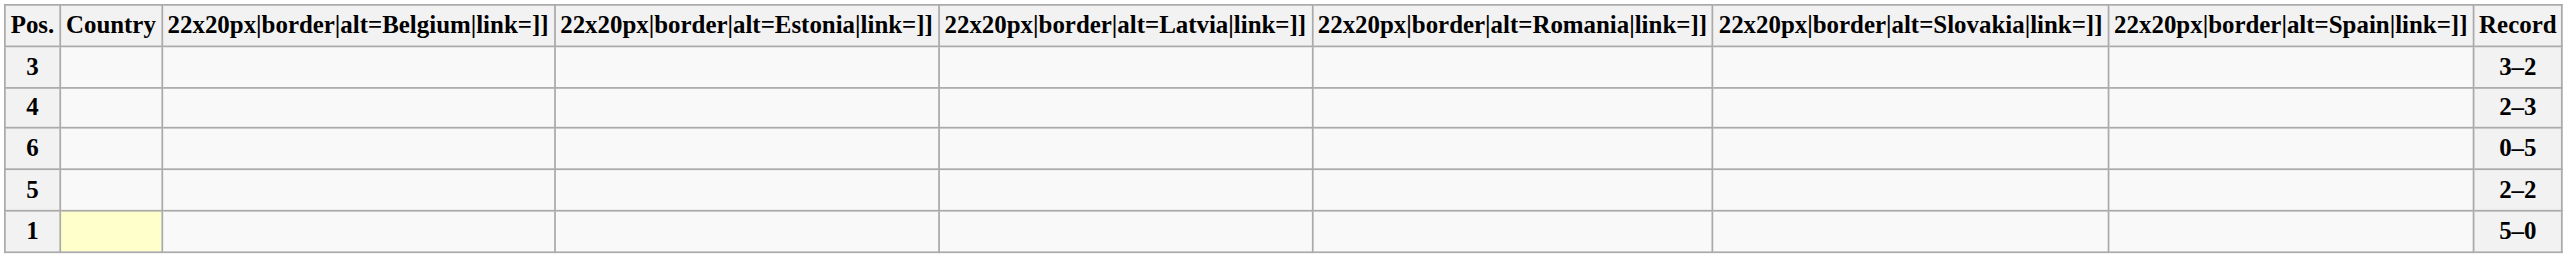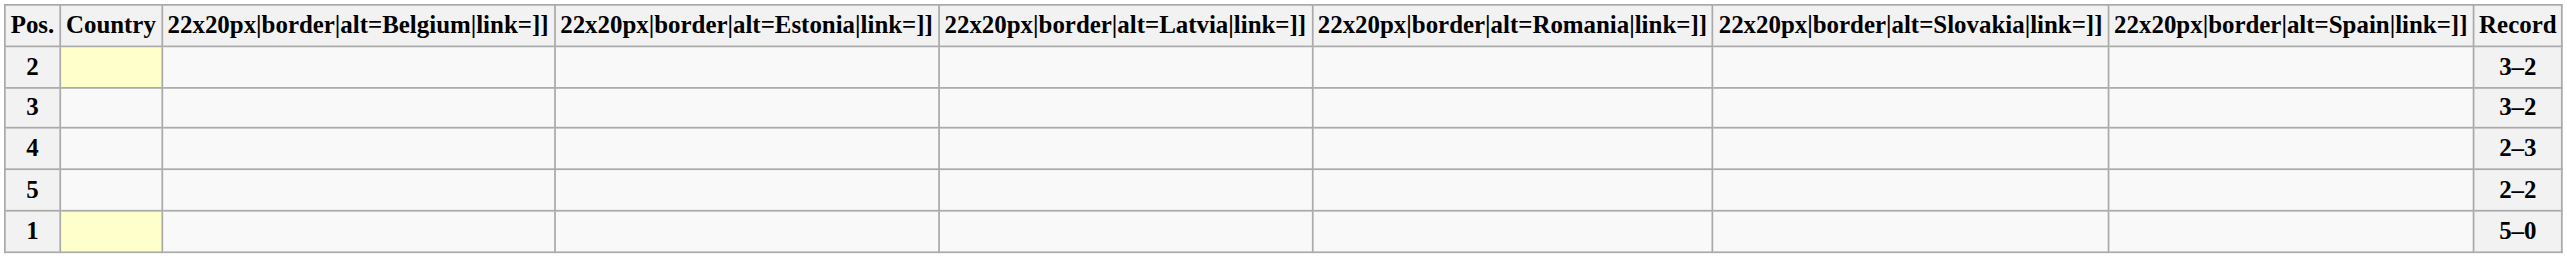 <table class="wikitable sortable nowrap" style="text-align:center; font-size:0.9em">
 <tr>
 <th>Pos.</th>
 <th>Country</th>
 <th [[Image:>22x20px|border|alt=Belgium|link=]]</th>
 <th [[Image:>22x20px|border|alt=Estonia|link=]]</th>
 <th [[Image:>22x20px|border|alt=Latvia|link=]]</th>
 <th [[Image:>22x20px|border|alt=Romania|link=]]</th>
 <th [[Image:>22x20px|border|alt=Slovakia|link=]]</th>
 <th [[Image:>22x20px|border|alt=Spain|link=]]</th>
 <th>Record</th>
+</tr>
+<tr>
+<th>2</th>
+<td style="text-align:left; background:#ffffcc;"></td>
+<td> </td>
+<td> </td>
+<td> </td>
+<td> </td>
+<td> </td>
+<td> </td>
+<th>3–2</th>
 </tr>
 <tr>
 <th>3</th>
 <td style="text-align:left;"></td>
 <td> </td>
 <td> </td>
 <td> </td>
 <td> </td>
 <td> </td>
 <td> </td>
 <th>3–2</th>
 </tr>
 <tr>
 <th>4</th>
 <td style="text-align:left;"></td>
 <td> </td>
 <td> </td>
 <td> </td>
 <td> </td>
 <td> </td>
 <td> </td>
 <th>2–3</th>
 </tr>
 <tr>
-<th>6</th>
-<td style="text-align:left;"></td>
-<td> </td>
-<td> </td>
-<td> </td>
-<td> </td>
-<td> </td>
-<td> </td>
-<th>0–5</th>
-</tr>
-<tr>
 <th>5</th>
 <td style="text-align:left;"></td>
 <td> </td>
 <td> </td>
 <td> </td>
 <td> </td>
 <td> </td>
 <td> </td>
 <th>2–2</th>
 </tr>
 <tr>
 <th>1</th>
 <td style="text-align:left; background:#ffffcc;"></td>
 <td> </td>
 <td> </td>
 <td> </td>
 <td> </td>
 <td> </td>
 <td> </td>
 <th>5–0</th>
 </tr>
 </table>
